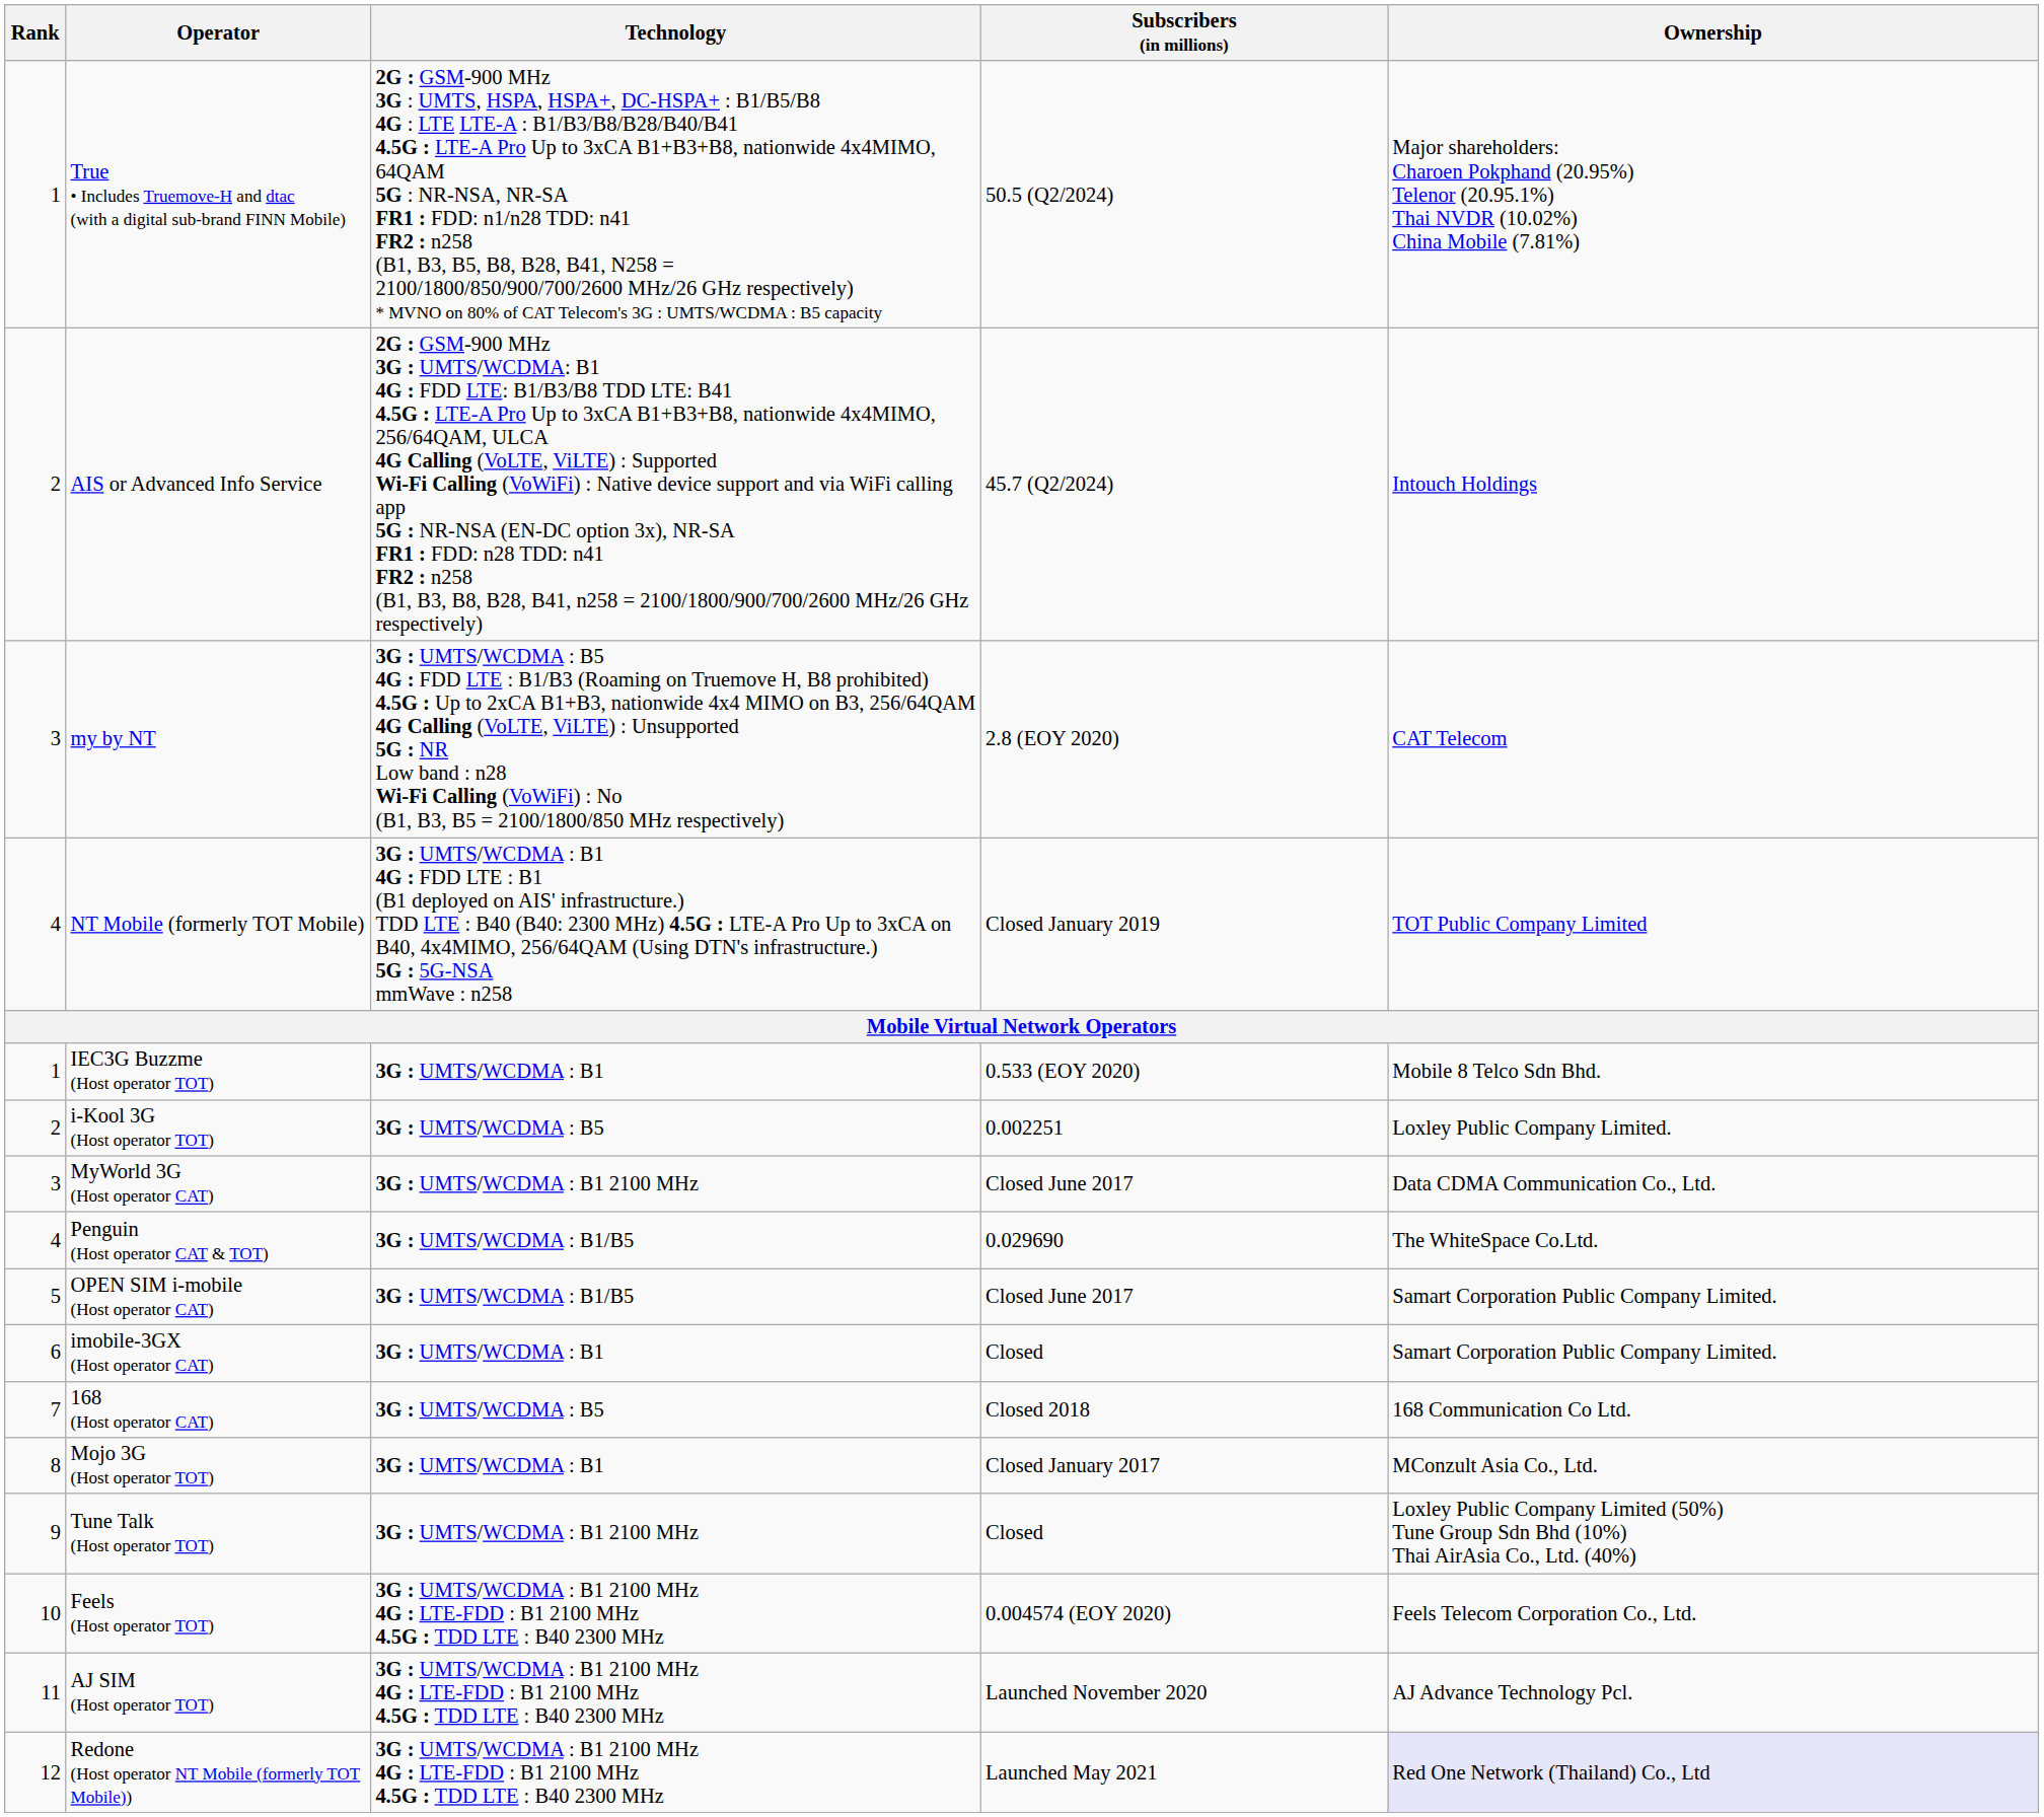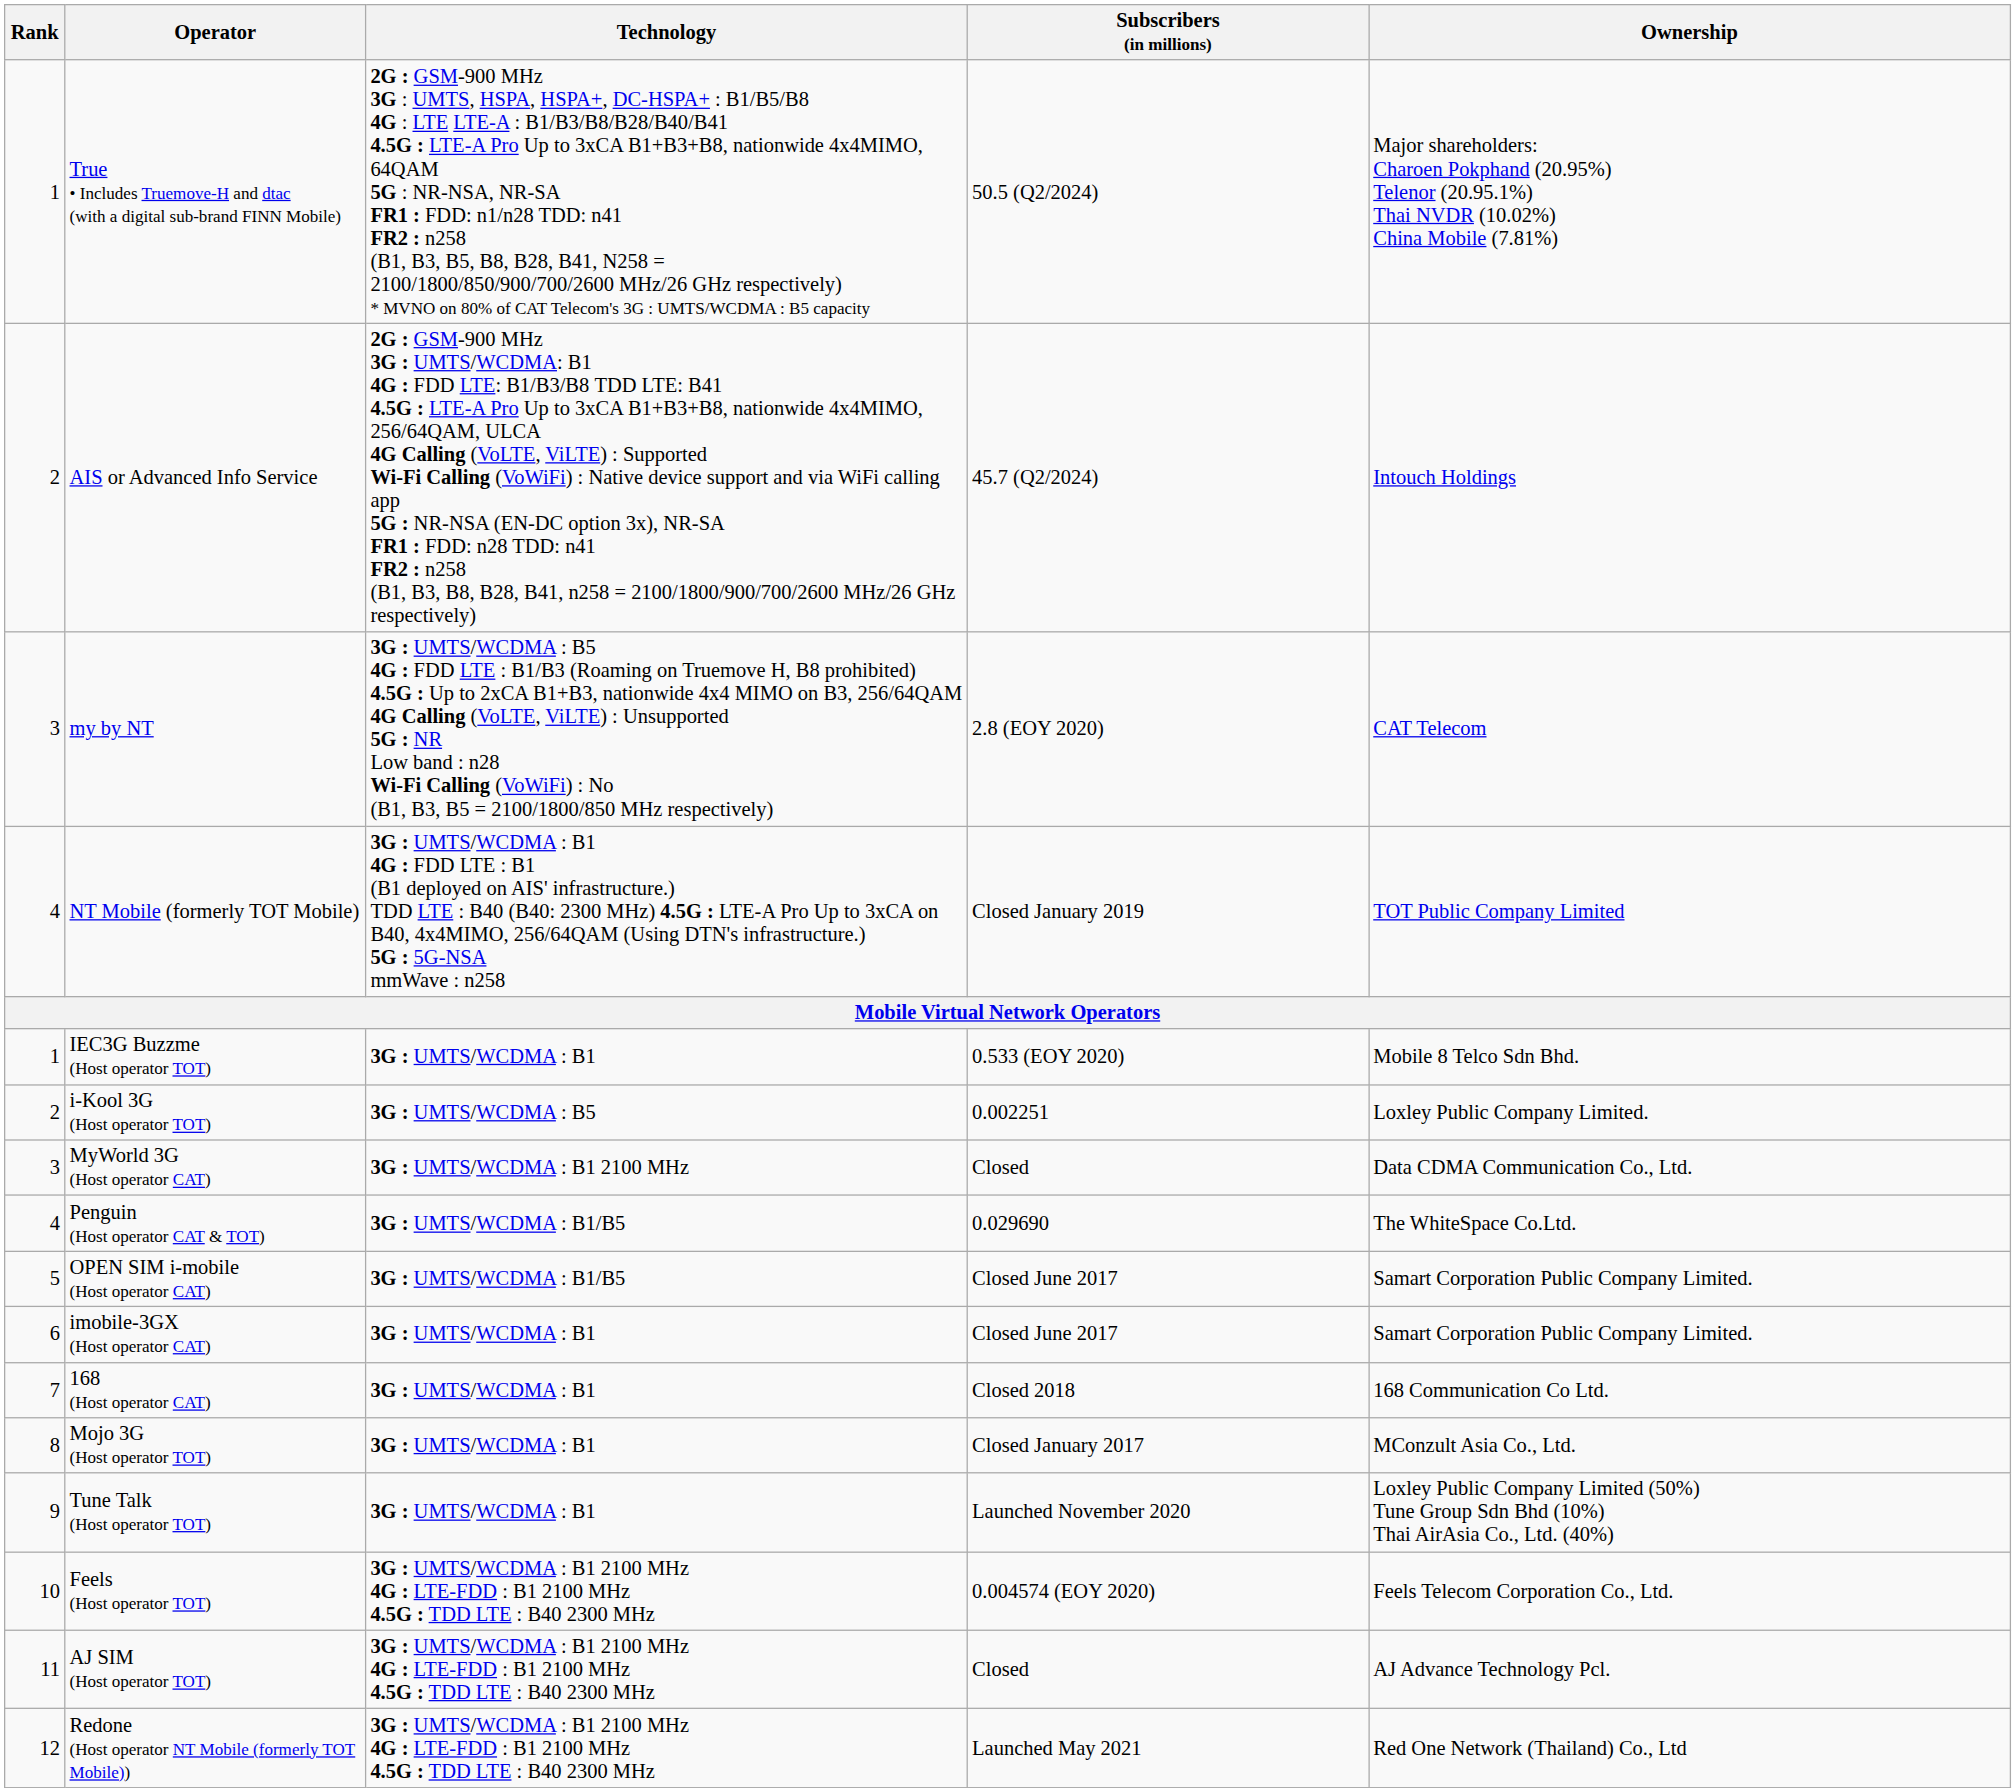 <table class="wikitable">
 <tr>
 <th style="width:3%;">Rank</th>
 <th style="width:15%;">Operator</th>
 <th style="width:30%;">Technology</th>
 <th style="width:20%;">Subscribers<br><small>(in millions)</small></th>
 <th style="width:32%;">Ownership</th>
 </tr>
 <tr>
 <td align=right>1</td>
 <td><a href='#'>True</a> <br><small>• Includes <a href='#'>Truemove-H</a> and <a href='#'>dtac</a><br>(with a digital sub-brand FINN Mobile)</small></td>
 <td><strong>2G :</strong> <a href='#'>GSM</a>-900 MHz<br><strong>3G</strong> : <a href='#'>UMTS</a>, <a href='#'>HSPA</a>, <a href='#'>HSPA+</a>, <a href='#'>DC-HSPA+</a> : B1/B5/B8<br><strong>4G</strong> : <a href='#'>LTE</a> <a href='#'>LTE-A</a> : B1/B3/B8/B28/B40/B41<br><strong>4.5G :</strong> <a href='#'>LTE-A Pro</a> Up to 3xCA B1+B3+B8, nationwide 4x4MIMO, 64QAM<br><strong>5G</strong> : NR-NSA, NR-SA<br><strong>FR1 :</strong> FDD: n1/n28 TDD: n41 <small> </small><br><strong>FR2 :</strong> n258<br>(B1, B3, B5, B8, B28, B41, N258 = 2100/1800/850/900/700/2600 MHz/26 GHz respectively)<br><small>* MVNO on 80% of CAT Telecom's 3G : UMTS/WCDMA : B5 capacity</small></td>
 <td>50.5 (Q2/2024)</td>
 <td>Major shareholders:<br><a href='#'>Charoen Pokphand</a> (20.95%) <br> <a href='#'>Telenor</a> (20.95.1%) <br> <a href='#'>Thai NVDR</a> (10.02%) <br> <a href='#'>China Mobile</a> (7.81%)</td>
 </tr>
 <tr>
 <td align=right>2</td>
 <td><a href='#'>AIS</a> or Advanced Info Service</td>
 <td><strong>2G :</strong> <a href='#'>GSM</a>-900 MHz<br><strong>3G :</strong> <a href='#'>UMTS</a>/<a href='#'>WCDMA</a>: B1<br><strong>4G  :</strong>  FDD <a href='#'>LTE</a>: B1/B3/B8 TDD LTE: B41 <br><strong>4.5G :</strong> <a href='#'>LTE-A Pro</a> Up to 3xCA B1+B3+B8, nationwide 4x4MIMO, 256/64QAM, ULCA<br><strong>4G Calling</strong> (<a href='#'>VoLTE</a>, <a href='#'>ViLTE</a>) : Supported <br><strong>Wi-Fi Calling</strong> (<a href='#'>VoWiFi</a>) : Native device support and via WiFi calling app<br><strong>5G :</strong> NR-NSA (EN-DC option 3x), NR-SA<br><strong>FR1 :</strong> FDD: n28 TDD: n41<br><strong>FR2 :</strong> n258<br>(B1, B3, B8, B28, B41, n258 = 2100/1800/900/700/2600 MHz/26 GHz respectively)</td>
 <td>45.7 (Q2/2024)</td>
 <td><a href='#'>Intouch Holdings</a></td>
 </tr>
 <tr>
 <td align=right>3</td>
 <td><a href='#'>my by NT</a></td>
 <td><strong>3G :</strong> <a href='#'>UMTS</a>/<a href='#'>WCDMA</a> : B5<br><strong>4G :</strong>  FDD <a href='#'>LTE</a> : B1/B3 (Roaming on Truemove H, B8 prohibited) <br><strong>4.5G :</strong> Up to 2xCA B1+B3, nationwide 4x4 MIMO on B3, 256/64QAM <br><strong>4G Calling</strong> (<a href='#'>VoLTE</a>, <a href='#'>ViLTE</a>) : Unsupported<br><strong>5G :</strong> <a href='#'>NR</a><br>Low band : n28 <br><strong>Wi-Fi Calling</strong> (<a href='#'>VoWiFi</a>) : No  <br>(B1, B3, B5 = 2100/1800/850 MHz respectively)</td>
 <td>2.8 (EOY 2020)</td>
 <td><a href='#'>CAT Telecom</a></td>
 </tr>
 <tr>
 <td align=right>4</td>
 <td><a href='#'>NT Mobile</a> (formerly TOT Mobile)</td>
 <td><strong>3G :</strong> <a href='#'>UMTS</a>/<a href='#'>WCDMA</a> : B1 <br><strong>4G  :</strong>  FDD LTE : B1<br>(B1 deployed on AIS' infrastructure.) <br> TDD <a href='#'>LTE</a> : B40 (B40: 2300 MHz) <strong>4.5G  :</strong> LTE-A Pro Up to 3xCA on B40, 4x4MIMO, 256/64QAM (Using DTN's infrastructure.)<br><strong>5G :</strong> <a href='#'>5G-NSA</a><br>mmWave : n258</td>
 <td>Closed January 2019</td>
 <td><a href='#'>TOT Public Company Limited</a></td>
 </tr>
 <tr>
 <th colspan="5" style="text-align:center;"><a href='#'>Mobile Virtual Network Operators</a></th>
 </tr>
 <tr>
 <td align=right>1</td>
 <td>IEC3G Buzzme <br><small>(Host operator <a href='#'>TOT</a>)</small></td>
 <td><strong>3G :</strong> <a href='#'>UMTS</a>/<a href='#'>WCDMA</a> : B1</td>
 <td>0.533 (EOY 2020)</td>
 <td>Mobile 8 Telco Sdn Bhd.</td>
 </tr>
 <tr>
 <td align=right>2</td>
 <td>i-Kool 3G <br><small>(Host operator <a href='#'>TOT</a>)</small></td>
 <td><strong>3G :</strong> <a href='#'>UMTS</a>/<a href='#'>WCDMA</a> : B5</td>
 <td>0.002251</td>
 <td>Loxley Public Company Limited.</td>
 </tr>
 <tr>
 <td align=right>3</td>
 <td>MyWorld 3G <br> <small>(Host operator <a href='#'>CAT</a>)</small></td>
 <td><strong>3G :</strong> <a href='#'>UMTS</a>/<a href='#'>WCDMA</a> : B1 2100 MHz</td>
-<td>Closed June 2017</td>
+<td>Closed</td>
 <td>Data CDMA Communication Co., Ltd.</td>
 </tr>
 <tr>
 <td align=right>4</td>
 <td>Penguin <br> <small>(Host operator <a href='#'>CAT</a> & <a href='#'>TOT</a>)</small></td>
 <td><strong>3G :</strong> <a href='#'>UMTS</a>/<a href='#'>WCDMA</a> : B1/B5</td>
 <td>0.029690</td>
 <td>The WhiteSpace Co.Ltd.</td>
 </tr>
 <tr>
 <td align=right>5</td>
 <td>OPEN SIM i-mobile <br> <small>(Host operator <a href='#'>CAT</a>)</small></td>
 <td><strong>3G :</strong> <a href='#'>UMTS</a>/<a href='#'>WCDMA</a> : B1/B5</td>
 <td>Closed June 2017</td>
 <td>Samart Corporation Public Company Limited.</td>
 </tr>
 <tr>
 <td align=right>6</td>
 <td>imobile-3GX <br> <small>(Host operator <a href='#'>CAT</a>)</small></td>
 <td><strong>3G :</strong> <a href='#'>UMTS</a>/<a href='#'>WCDMA</a> : B1</td>
-<td>Closed</td>
+<td>Closed June 2017</td>
 <td>Samart Corporation Public Company Limited.</td>
 </tr>
 <tr>
 <td align=right>7</td>
 <td>168 <br> <small>(Host operator <a href='#'>CAT</a>)</small></td>
-<td><strong>3G :</strong> <a href='#'>UMTS</a>/<a href='#'>WCDMA</a> : B5</td>
+<td><strong>3G :</strong> <a href='#'>UMTS</a>/<a href='#'>WCDMA</a> : B1</td>
 <td>Closed 2018</td>
 <td>168 Communication Co Ltd.</td>
 </tr>
 <tr>
 <td align=right>8</td>
 <td>Mojo 3G <br><small>(Host operator <a href='#'>TOT</a>)</small></td>
 <td><strong>3G :</strong> <a href='#'>UMTS</a>/<a href='#'>WCDMA</a> : B1</td>
 <td>Closed January 2017</td>
 <td>MConzult Asia Co., Ltd.</td>
 </tr>
 <tr>
 <td align=right>9</td>
 <td>Tune Talk <br><small>(Host operator <a href='#'>TOT</a>)</small></td>
-<td><strong>3G :</strong> <a href='#'>UMTS</a>/<a href='#'>WCDMA</a> : B1 2100 MHz</td>
-<td>Closed</td>
+<td><strong>3G :</strong> <a href='#'>UMTS</a>/<a href='#'>WCDMA</a> : B1</td>
+<td>Launched November 2020</td>
 <td>Loxley Public Company Limited (50%)<br>Tune Group Sdn Bhd (10%)<br>Thai AirAsia Co., Ltd. (40%)</td>
 </tr>
 <tr>
 <td align=right>10</td>
 <td>Feels <br><small>(Host operator <a href='#'>TOT</a>)</small></td>
 <td><strong>3G :</strong> <a href='#'>UMTS</a>/<a href='#'>WCDMA</a> : B1 2100 MHz <br> <strong>4G :</strong> <a href='#'>LTE-FDD</a> : B1 2100 MHz <br> <strong>4.5G :</strong> <a href='#'>TDD LTE</a> : B40 2300 MHz</td>
 <td>0.004574 (EOY 2020)</td>
 <td>Feels Telecom Corporation Co., Ltd.</td>
 </tr>
 <tr>
 <td align=right>11</td>
 <td>AJ SIM <br><small>(Host operator <a href='#'>TOT</a>)</small></td>
 <td><strong>3G :</strong> <a href='#'>UMTS</a>/<a href='#'>WCDMA</a> : B1 2100 MHz <br> <strong>4G :</strong> <a href='#'>LTE-FDD</a> : B1 2100 MHz <br> <strong>4.5G :</strong> <a href='#'>TDD LTE</a> : B40 2300 MHz</td>
-<td>Launched November 2020</td>
+<td>Closed</td>
 <td>AJ Advance Technology Pcl.</td>
 </tr>
 <tr>
 <td align=right>12</td>
 <td>Redone <br><small>(Host operator <a href='#'>NT Mobile (formerly TOT Mobile)</a>)</small></td>
 <td><strong>3G :</strong> <a href='#'>UMTS</a>/<a href='#'>WCDMA</a> : B1 2100 MHz <br> <strong>4G :</strong> <a href='#'>LTE-FDD</a> : B1 2100 MHz <br> <strong>4.5G :</strong> <a href='#'>TDD LTE</a> : B40 2300 MHz</td>
 <td>Launched May 2021</td>
-<td style="background: lavender;">Red One Network (Thailand) Co., Ltd</td>
+<td>Red One Network (Thailand) Co., Ltd</td>
 </tr>
 </table>
